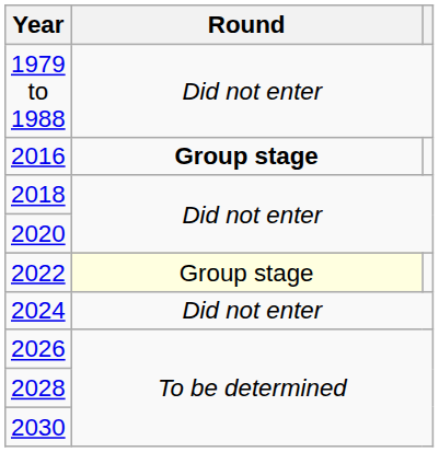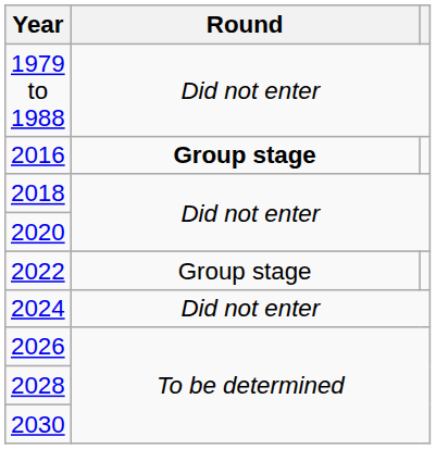 <table class="wikitable" style="text-align: center; font-size:90%">
 <tr>
 <th>Year</th>
 <th style="width:200px">Round</th>
 <th></th>
 </tr>
 <tr>
 <td><a href='#'>1979</a><br>to<br><a href='#'>1988</a></td>
 <td colspan="2"><em>Did not enter</em></td>
 </tr>
 <tr>
 <td><a href='#'>2016</a></td>
 <td><strong>Group stage</strong></td>
 <td></td>
 </tr>
 <tr>
 <td><a href='#'>2018</a></td>
 <td colspan="2" rowspan="2"><em>Did not enter</em></td>
 </tr>
 <tr>
 <td><a href='#'>2020</a></td>
 </tr>
 <tr>
 <td><a href='#'>2022</a></td>
-<td style="background: lightyellow;">Group stage</td>
+<td>Group stage</td>
 <td></td>
 </tr>
 <tr>
 <td><a href='#'>2024</a></td>
 <td colspan="2"><em>Did not enter</em></td>
 </tr>
 <tr>
 <td><a href='#'>2026</a></td>
 <td colspan="2" rowspan="3"><em>To be determined</em></td>
 </tr>
 <tr>
 <td><a href='#'>2028</a></td>
 </tr>
 <tr>
 <td><a href='#'>2030</a></td>
 </tr>
 </table>
